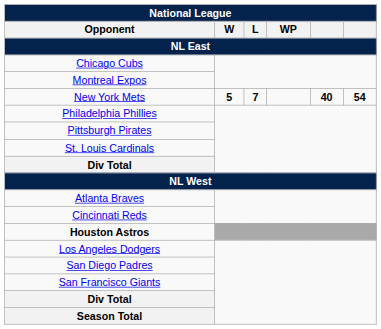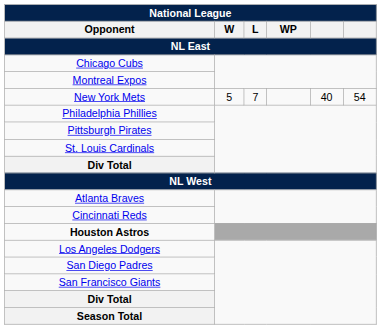 <table class="wikitable" style="margin:1em auto; font-size:95%; text-align:center; width:35em;">
 <tr>
 <th colspan="7" style="background:#03224c; color:#ffffff;">National League</th>
 </tr>
 <tr>
 <th>Opponent</th>
 <th>W</th>
 <th>L</th>
 <th>WP</th>
 <th></th>
 <th></th>
 </tr>
 <tr>
 <th colspan="7" style="background:#03224c; color:#ffffff;">NL East</th>
 </tr>
 <tr>
 <td><a href='#'>Chicago Cubs</a></td>
 </tr>
 <tr>
 <td><a href='#'>Montreal Expos</a></td>
 </tr>
 <tr>
 <td><a href='#'><span>New York Mets</span></a></td>
-<td><strong>5</strong></td>
-<td><strong>7</strong></td>
+<td>5</td>
+<td>7</td>
 <td></td>
-<td><strong>40</strong></td>
-<td><strong>54</strong></td>
+<td>40</td>
+<td>54</td>
 </tr>
 <tr>
 <td><a href='#'><span>Philadelphia Phillies</span></a></td>
 </tr>
 <tr>
 <td><a href='#'>Pittsburgh Pirates</a></td>
 </tr>
 <tr>
 <td><a href='#'>St. Louis Cardinals</a></td>
 </tr>
 <tr>
 <th>Div Total</th>
 </tr>
 <tr>
 <th colspan="7" style="background:#03224c; color:#ffffff;">NL West</th>
 </tr>
 <tr>
 <td><a href='#'>Atlanta Braves</a></td>
 </tr>
 <tr>
 <td><a href='#'>Cincinnati Reds</a></td>
 </tr>
 <tr>
 <td><span><strong>Houston Astros</strong></span></td>
 <td colspan=5 style="background:darkgray;"></td>
 </tr>
 <tr>
 <td><a href='#'><span>Los Angeles Dodgers</span></a></td>
 </tr>
 <tr>
 <td><a href='#'>San Diego Padres</a></td>
 </tr>
 <tr>
 <td><a href='#'>San Francisco Giants</a></td>
 </tr>
 <tr>
 <th>Div Total</th>
 </tr>
 <tr>
 <th>Season Total</th>
 </tr>
 </table>
